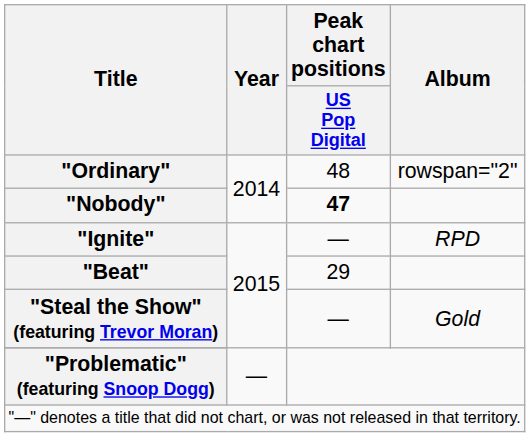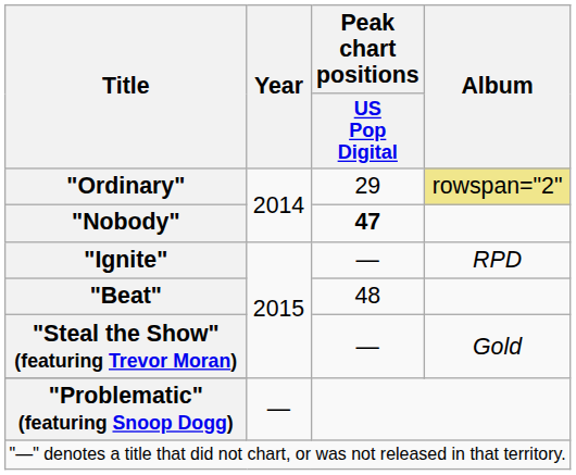 <table class="wikitable plainrowheaders" style="text-align:center;">
 <tr>
 <th scope="col" rowspan="2">Title</th>
 <th scope="col" rowspan="2">Year</th>
 <th scope="col" colspan="1">Peak chart positions</th>
 <th scope="col" rowspan="2">Album</th>
 </tr>
 <tr>
 <th scope="col" style="width:3em;font-size:85%;"><a href='#'>US<br>Pop<br>Digital</a><br></th>
 </tr>
 <tr>
 <th scope="row">"Ordinary"</th>
 <td rowspan="2">2014</td>
-<td>48</td>
-<td>rowspan="2" </td>
+<td>29</td>
+<td style="background: khaki;">rowspan="2" </td>
 </tr>
 <tr>
 <th scope="row">"Nobody"</th>
 <td><strong>47</strong></td>
 </tr>
 <tr>
 <th scope="row">"Ignite"</th>
 <td rowspan="4">2015</td>
 <td>—</td>
 <td><em>RPD</em></td>
 </tr>
 <tr>
 <th scope="row">"Beat"</th>
-<td>29</td>
+<td>48</td>
 <td></td>
 </tr>
 <tr>
 <th scope="row">"Steal the Show" <br><small>(featuring <a href='#'>Trevor Moran</a>)</small></th>
 <td>—</td>
 <td rowspan="2"><em>Gold</em></td>
 </tr>
 <tr>
 </tr>
 <tr>
 <th scope="row">"Problematic" <br><small>(featuring <a href='#'>Snoop Dogg</a>)</small></th>
 <td>—</td>
 </tr>
 <tr>
 <td colspan="4" style="font-size:9pt">"—" denotes a title that did not chart, or was not released in that territory.</td>
 </tr>
 </table>
